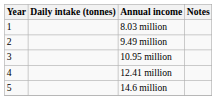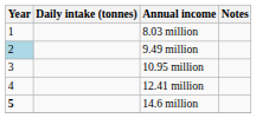 <table class="wikitable sortable" style="margin: 0.5em auto">
 <tr>
 <th>Year</th>
 <th>Daily intake (tonnes)</th>
 <th>Annual income</th>
 <th>Notes</th>
 </tr>
 <tr>
 <td>1</td>
 <td></td>
 <td>8.03 million</td>
 <td></td>
 </tr>
 <tr>
-<td>2</td>
+<td style="background: lightblue;">2</td>
 <td></td>
 <td>9.49 million</td>
 <td></td>
 </tr>
 <tr>
 <td>3</td>
 <td></td>
 <td>10.95 million</td>
 <td></td>
 </tr>
 <tr>
 <td>4</td>
 <td></td>
 <td>12.41 million</td>
 <td></td>
 </tr>
 <tr>
-<td>5</td>
+<td><strong>5</strong></td>
 <td></td>
 <td>14.6 million</td>
 <td></td>
 </tr>
 <tr>
 </tr>
 </table>
